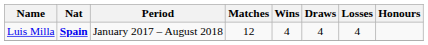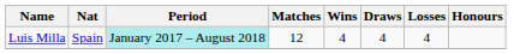 <table class="wikitable">
 <tr>
 <th>Name</th>
 <th>Nat</th>
 <th>Period</th>
 <th>Matches</th>
 <th>Wins</th>
 <th>Draws</th>
 <th>Losses</th>
 <th>Honours</th>
 </tr>
 <tr>
 <td><a href='#'>Luis Milla</a></td>
-<td align="center"><strong> <a href='#'>Spain</a></strong></td>
-<td align="center">January 2017 – August 2018</td>
+<td align="center"> <a href='#'>Spain</a></td>
+<td align="center" style="background: paleturquoise;">January 2017 – August 2018</td>
 <td align="center">12</td>
 <td align="center">4</td>
 <td align="center">4</td>
 <td align="center">4</td>
 <td></td>
 </tr>
 <tr>
 </tr>
 </table>
